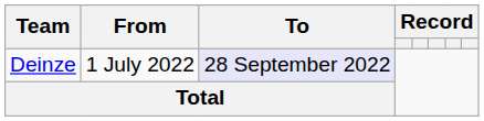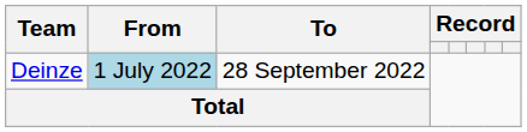 <table class=wikitable style="text-align:center">
 <tr>
 <th rowspan=2>Team</th>
 <th rowspan=2>From</th>
 <th rowspan=2>To</th>
 <th colspan=5>Record</th>
 </tr>
 <tr>
 <th></th>
 <th></th>
 <th></th>
 <th></th>
 <th></th>
 </tr>
 <tr>
 <td align=left><a href='#'>Deinze</a></td>
-<td align=left>1 July 2022</td>
-<td align=left style="background: lavender;">28 September 2022<br></td>
+<td align=left style="background: lightblue;">1 July 2022</td>
+<td align=left>28 September 2022<br></td>
 </tr>
 <tr>
 <th colspan=3>Total<br></th>
 </tr>
 </table>
